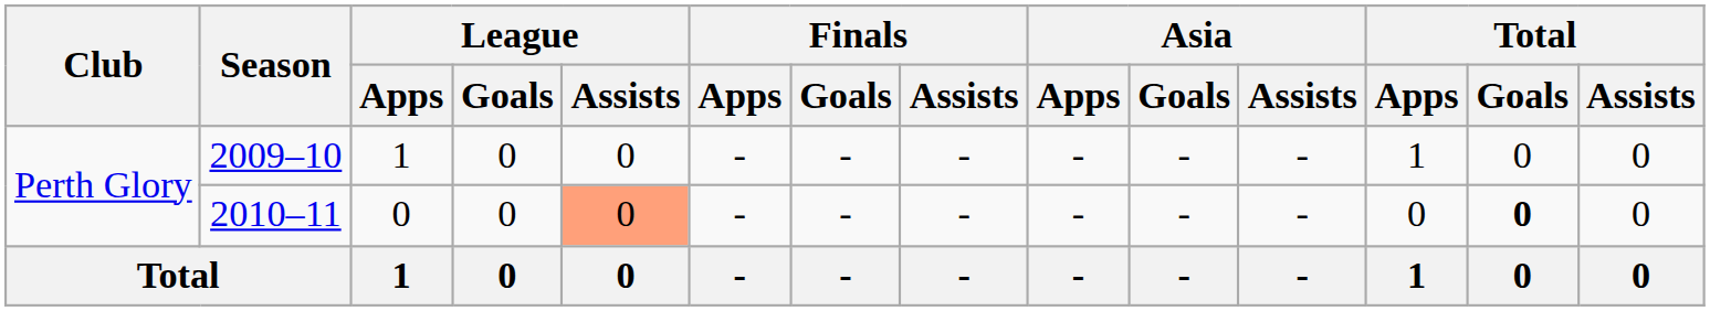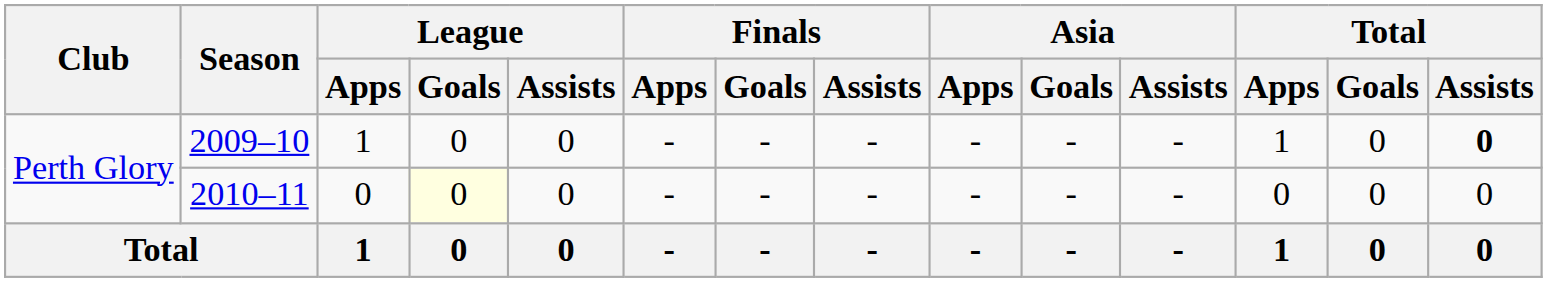 <table class="wikitable" style="text-align: center;">
 <tr>
 <th rowspan="2">Club</th>
 <th rowspan="2">Season</th>
 <th colspan="3">League</th>
 <th colspan="3">Finals</th>
 <th colspan="3">Asia</th>
 <th colspan="3">Total</th>
 </tr>
 <tr>
 <th>Apps</th>
 <th>Goals</th>
 <th>Assists</th>
 <th>Apps</th>
 <th>Goals</th>
 <th>Assists</th>
 <th>Apps</th>
 <th>Goals</th>
 <th>Assists</th>
 <th>Apps</th>
 <th>Goals</th>
 <th>Assists</th>
 </tr>
 <tr>
 <td rowspan="2" valign="center"><a href='#'>Perth Glory</a></td>
 <td><a href='#'>2009–10</a></td>
 <td>1</td>
 <td>0</td>
 <td>0</td>
 <td>-</td>
 <td>-</td>
 <td>-</td>
 <td>-</td>
 <td>-</td>
 <td>-</td>
 <td>1</td>
 <td>0</td>
-<td>0</td>
+<td><strong>0</strong></td>
 </tr>
 <tr>
 <td><a href='#'>2010–11</a></td>
 <td>0</td>
+<td style="background: lightyellow;">0</td>
 <td>0</td>
-<td style="background: lightsalmon;">0</td>
 <td>-</td>
 <td>-</td>
 <td>-</td>
 <td>-</td>
 <td>-</td>
 <td>-</td>
 <td>0</td>
-<td><strong>0</strong></td>
+<td>0</td>
 <td>0</td>
 </tr>
 <tr>
 <th colspan="2">Total</th>
 <th>1</th>
 <th>0</th>
 <th>0</th>
 <th>-</th>
 <th>-</th>
 <th>-</th>
 <th>-</th>
 <th>-</th>
 <th>-</th>
 <th>1</th>
 <th>0</th>
 <th>0</th>
 </tr>
 </table>
